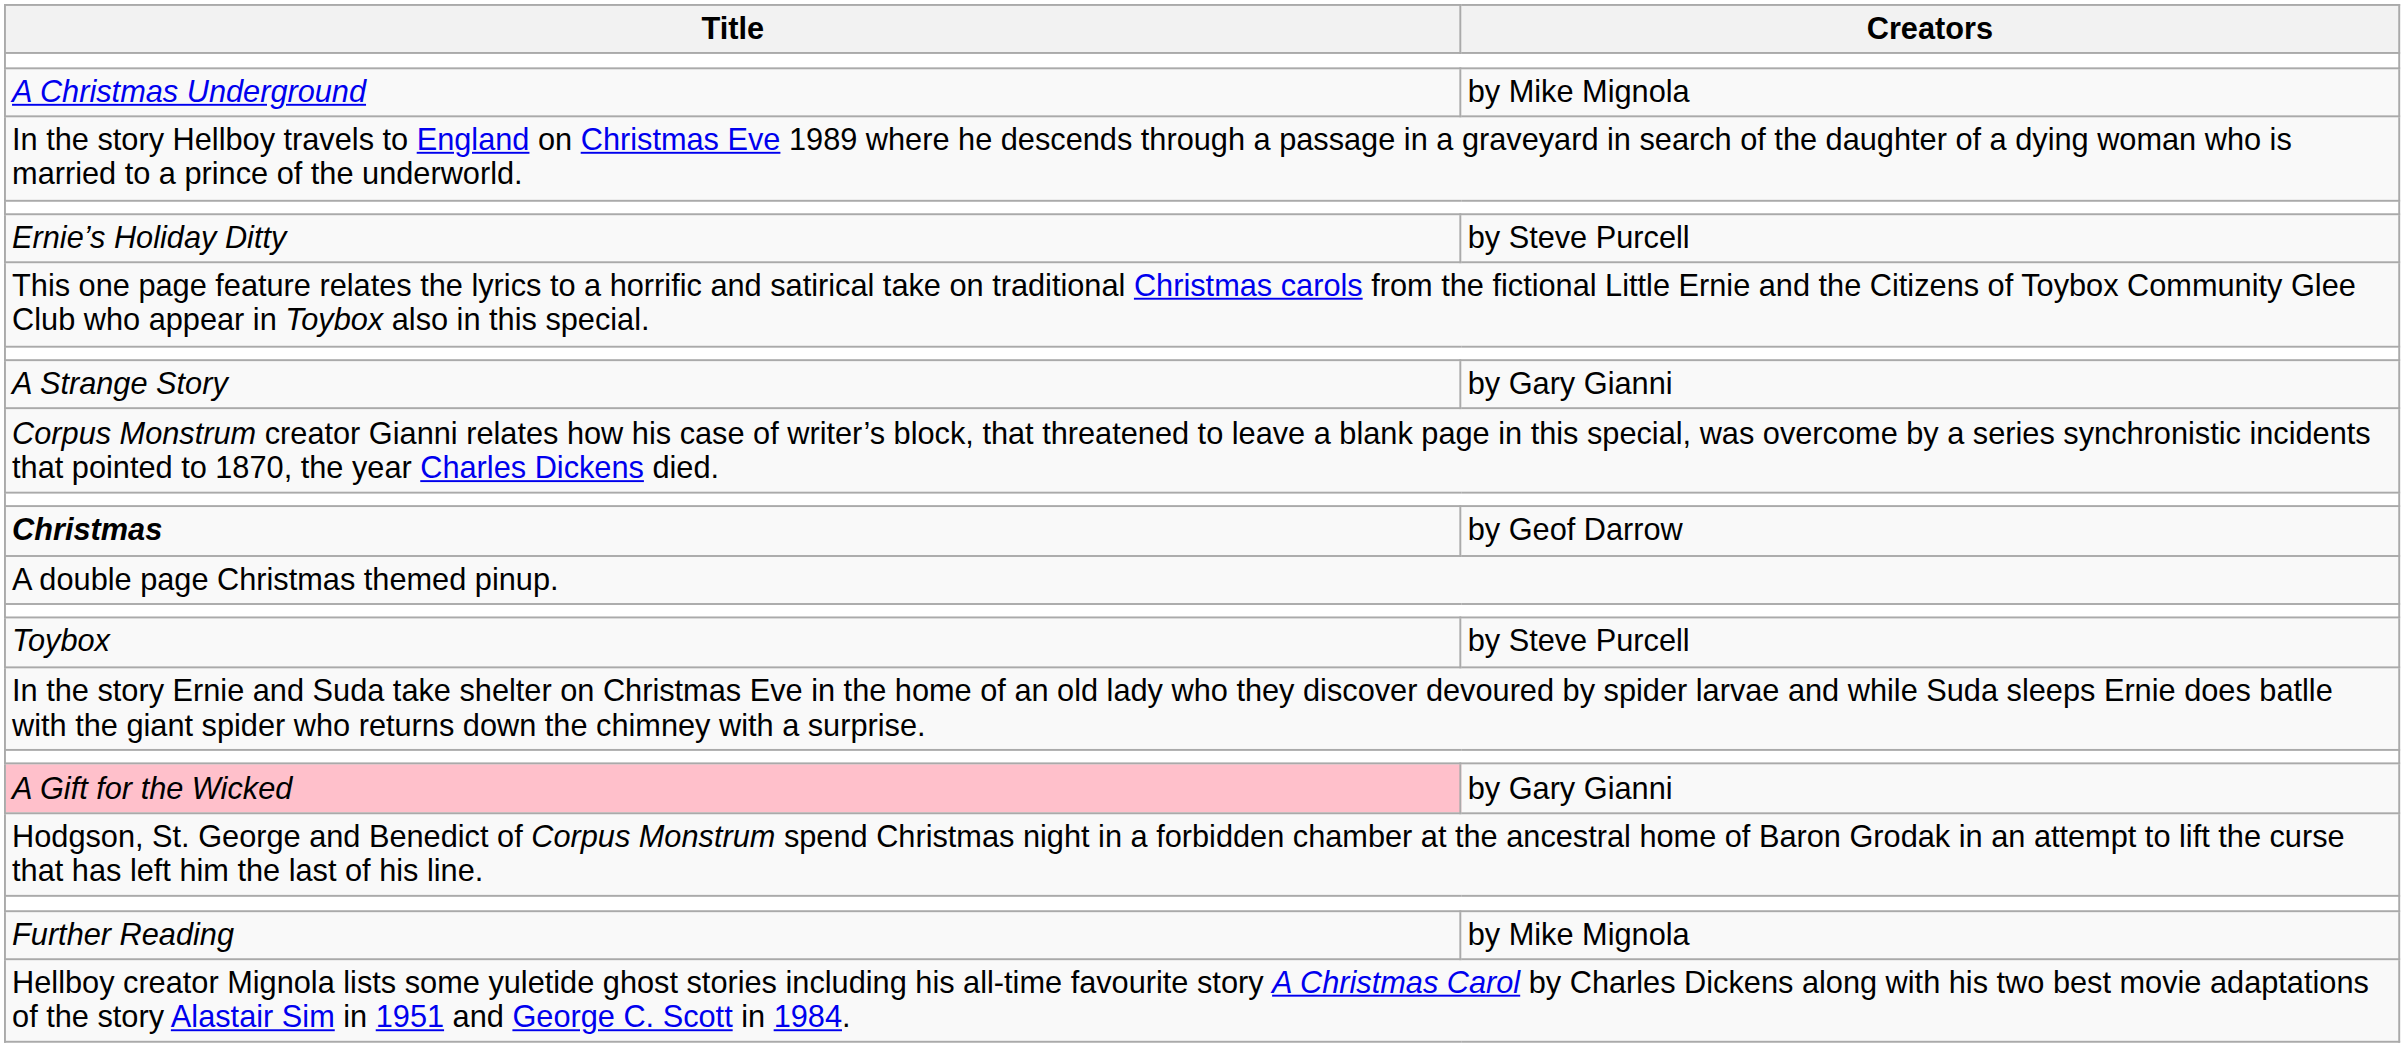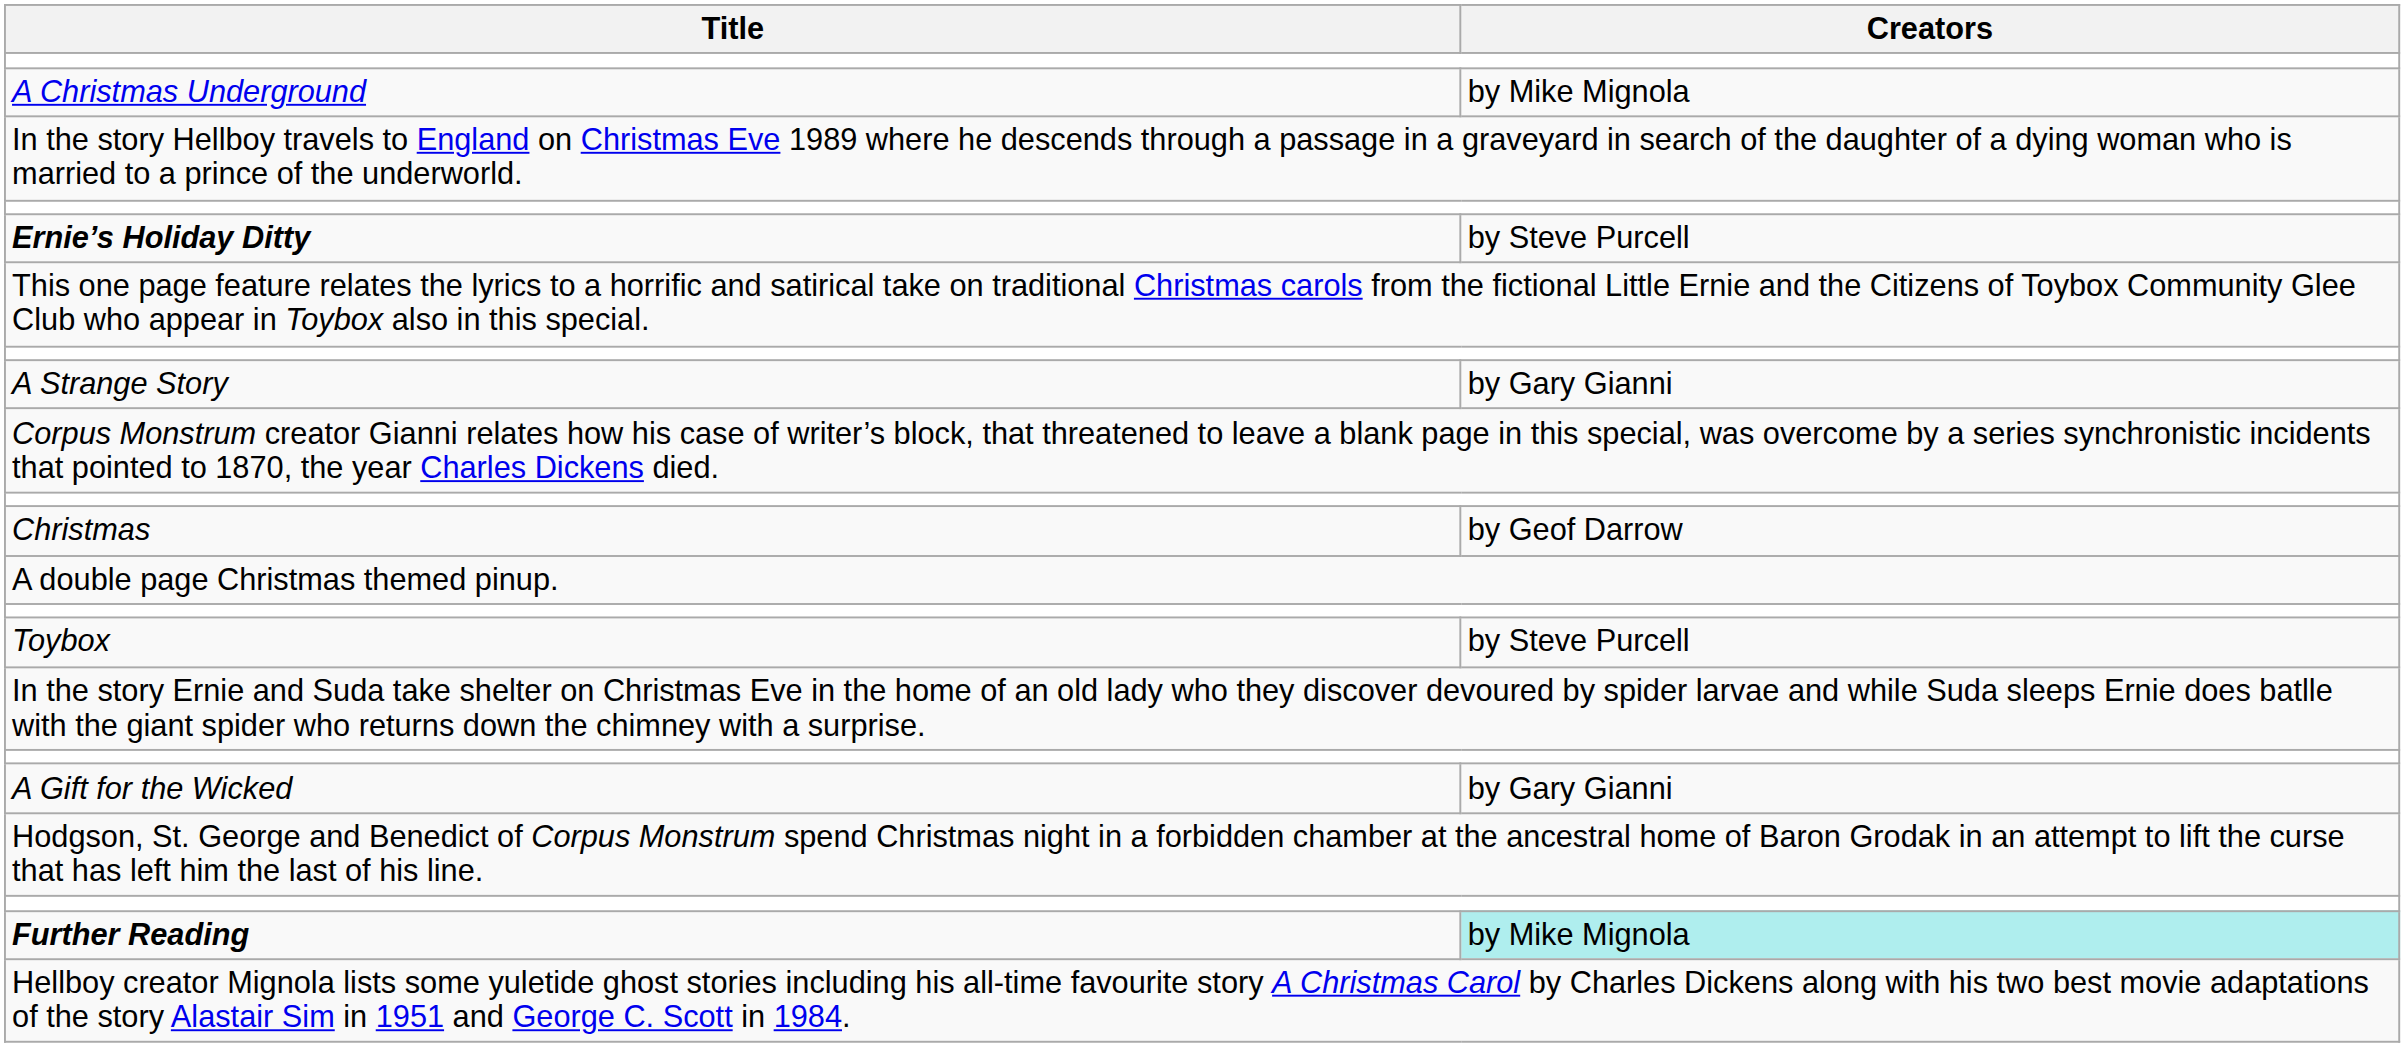 <table class="wikitable">
 <tr>
 <th>Title</th>
 <th>Creators</th>
 </tr>
 <tr>
 <td colspan="6" bgcolor="#FFFFFF"></td>
 </tr>
 <tr>
 <td><em><a href='#'>A Christmas Underground</a></em></td>
 <td>by Mike Mignola</td>
 </tr>
 <tr>
 <td colspan="6">In the story Hellboy travels to <a href='#'>England</a> on <a href='#'>Christmas Eve</a> 1989 where he descends through a passage in a graveyard in search of the daughter of a dying woman who is married to a prince of the underworld.</td>
 </tr>
 <tr>
 <td colspan="6" bgcolor="#FFFFFF"></td>
 </tr>
 <tr>
-<td><em>Ernie’s Holiday Ditty</em></td>
+<td><strong><em>Ernie’s Holiday Ditty</em></strong></td>
 <td>by Steve Purcell</td>
 </tr>
 <tr>
 <td colspan="6">This one page feature relates the lyrics to a horrific and satirical take on traditional <a href='#'>Christmas carols</a> from the fictional Little Ernie and the Citizens of Toybox Community Glee Club who appear in <em>Toybox</em> also in this special.</td>
 </tr>
 <tr>
 <td colspan="6" bgcolor="#FFFFFF"></td>
 </tr>
 <tr>
 <td><em>A Strange Story</em></td>
 <td>by Gary Gianni</td>
 </tr>
 <tr>
 <td colspan="6"><em>Corpus Monstrum</em> creator Gianni relates how his case of writer’s block, that threatened to leave a blank page in this special, was overcome by a series synchronistic incidents that pointed to 1870, the year <a href='#'>Charles Dickens</a> died.</td>
 </tr>
 <tr>
 <td colspan="6" bgcolor="#FFFFFF"></td>
 </tr>
 <tr>
-<td><strong><em>Christmas</em></strong></td>
+<td><em>Christmas</em></td>
 <td>by Geof Darrow</td>
 </tr>
 <tr>
 <td colspan="6">A double page Christmas themed pinup.</td>
 </tr>
 <tr>
 <td colspan="6" bgcolor="#FFFFFF"></td>
 </tr>
 <tr>
 <td><em>Toybox</em></td>
 <td>by Steve Purcell</td>
 </tr>
 <tr>
 <td colspan="6">In the story Ernie and Suda take shelter on Christmas Eve in the home of an old lady who they discover devoured by spider larvae and while Suda sleeps Ernie does batlle with the giant spider who returns down the chimney with a surprise.</td>
 </tr>
 <tr>
 <td colspan="6" bgcolor="#FFFFFF"></td>
 </tr>
 <tr>
-<td style="background: pink;"><em>A Gift for the Wicked</em></td>
+<td><em>A Gift for the Wicked</em></td>
 <td>by Gary Gianni</td>
 </tr>
 <tr>
 <td colspan="6">Hodgson, St. George and Benedict of <em>Corpus Monstrum</em> spend Christmas night in a forbidden chamber at the ancestral home of Baron Grodak in an attempt to lift the curse that has left him the last of his line.</td>
 </tr>
 <tr>
 <td colspan="6" bgcolor="#FFFFFF"></td>
 </tr>
 <tr>
-<td><em>Further Reading</em></td>
-<td>by Mike Mignola</td>
+<td><strong><em>Further Reading</em></strong></td>
+<td style="background: paleturquoise;">by Mike Mignola</td>
 </tr>
 <tr>
 <td colspan="6">Hellboy creator Mignola lists some yuletide ghost stories including his all-time favourite story <em><a href='#'>A Christmas Carol</a></em> by Charles Dickens along with his two best movie adaptations of the story <a href='#'>Alastair Sim</a> in <a href='#'>1951</a> and <a href='#'>George C. Scott</a> in <a href='#'>1984</a>.</td>
 </tr>
 </table>
